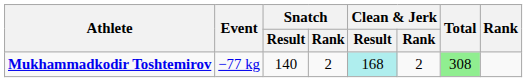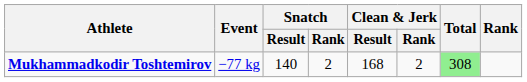 <table class="wikitable" style="font-size:90%">
 <tr>
 <th rowspan="2">Athlete</th>
 <th rowspan="2">Event</th>
 <th colspan="2">Snatch</th>
 <th colspan="2">Clean & Jerk</th>
 <th rowspan="2">Total</th>
 <th rowspan="2">Rank</th>
 </tr>
 <tr style="font-size:95%">
 <th>Result</th>
 <th>Rank</th>
 <th>Result</th>
 <th>Rank</th>
 </tr>
 <tr align=center>
 <td align=left><strong><a href='#'>Mukhammadkodir Toshtemirov</a></strong></td>
 <td align=left><a href='#'>−77 kg</a></td>
 <td>140</td>
 <td>2</td>
-<td style="background: paleturquoise;">168</td>
+<td>168</td>
 <td>2</td>
 <td style="background: lightgreen;">308</td>
 <td></td>
 </tr>
 </table>
